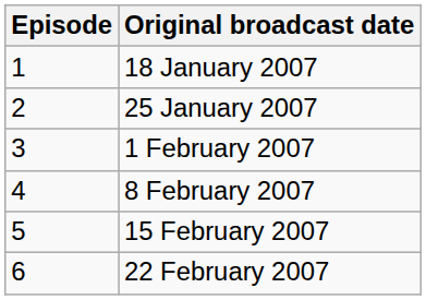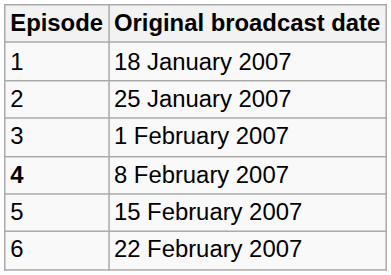 <table class="wikitable">
 <tr>
 <th>Episode</th>
 <th>Original broadcast date</th>
 </tr>
 <tr>
 <td>1</td>
 <td>18 January 2007</td>
 </tr>
 <tr>
 <td>2</td>
 <td>25 January 2007</td>
 </tr>
 <tr>
 <td>3</td>
 <td>1 February 2007</td>
 </tr>
 <tr>
-<td>4</td>
+<td><strong>4</strong></td>
 <td>8 February 2007</td>
 </tr>
 <tr>
 <td>5</td>
 <td>15 February 2007</td>
 </tr>
 <tr>
 <td>6</td>
 <td>22 February 2007</td>
 </tr>
 </table>
